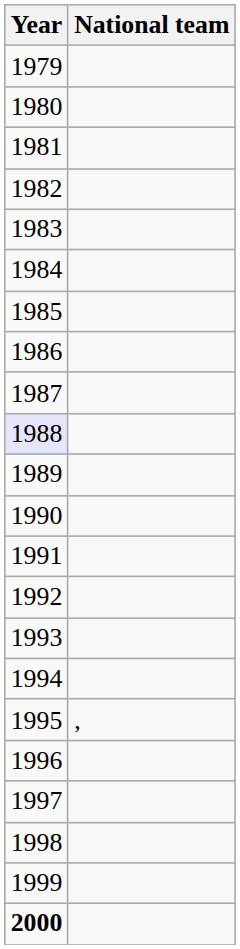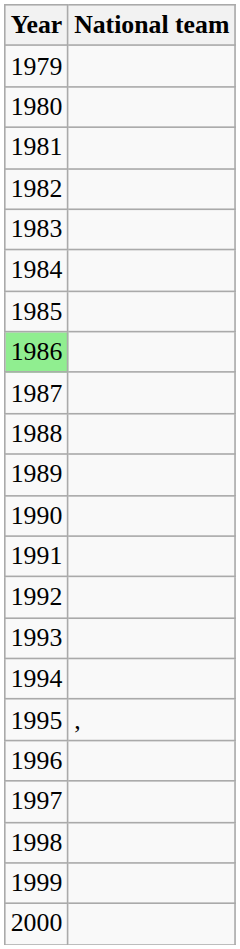 <table class="wikitable">
 <tr>
 <th>Year</th>
 <th>National team</th>
 </tr>
 <tr>
 <td>1979</td>
 <td></td>
 </tr>
 <tr>
 <td>1980</td>
 <td></td>
 </tr>
 <tr>
 <td>1981</td>
 <td></td>
 </tr>
 <tr>
 <td>1982</td>
 <td></td>
 </tr>
 <tr>
 <td>1983</td>
 <td></td>
 </tr>
 <tr>
 <td>1984</td>
 <td></td>
 </tr>
 <tr>
 <td>1985</td>
 <td></td>
 </tr>
 <tr>
-<td>1986</td>
+<td style="background: lightgreen;">1986</td>
 <td></td>
 </tr>
 <tr>
 <td>1987</td>
 <td></td>
 </tr>
 <tr>
-<td style="background: lavender;">1988</td>
+<td>1988</td>
 <td></td>
 </tr>
 <tr>
 <td>1989</td>
 <td></td>
 </tr>
 <tr>
 <td>1990</td>
 <td></td>
 </tr>
 <tr>
 <td>1991</td>
 <td></td>
 </tr>
 <tr>
 <td>1992</td>
 <td></td>
 </tr>
 <tr>
 <td>1993</td>
 <td></td>
 </tr>
 <tr>
 <td>1994</td>
 <td></td>
 </tr>
 <tr>
 <td>1995</td>
 <td>, </td>
 </tr>
 <tr>
 <td>1996</td>
 <td></td>
 </tr>
 <tr>
 <td>1997</td>
 <td></td>
 </tr>
 <tr>
 <td>1998</td>
 <td></td>
 </tr>
 <tr>
 <td>1999</td>
 <td></td>
 </tr>
 <tr>
-<td><strong>2000</strong></td>
+<td>2000</td>
 <td></td>
 </tr>
 </table>
